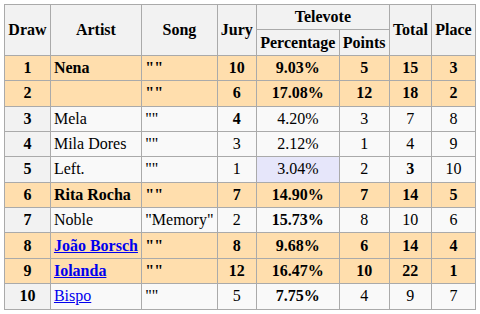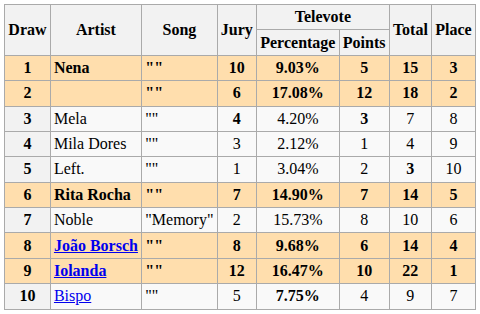 <table class="sortable wikitable plainrowheaders" style="margin: 1em auto 1em auto; text-align:center">
 <tr>
 <th rowspan="2">Draw</th>
 <th rowspan="2">Artist</th>
 <th rowspan="2">Song</th>
 <th rowspan="2">Jury</th>
 <th colspan="2">Televote</th>
 <th rowspan="2">Total</th>
 <th rowspan="2">Place</th>
 </tr>
 <tr>
 <th>Percentage</th>
 <th>Points</th>
 </tr>
 <tr style="font-weight:bold; background:navajowhite">
 <th scope="row" style="text-align:center; font-weight:bold; background:navajowhite">1</th>
 <td align="left">Nena</td>
 <td align="left">""</td>
 <td>10</td>
 <td>9.03%</td>
 <td>5</td>
 <td>15</td>
 <td>3</td>
 </tr>
 <tr style="font-weight:bold; background:navajowhite">
 <th scope="row" style="text-align:center; font-weight:bold; background:navajowhite">2</th>
 <td align="left"></td>
 <td align="left">""</td>
 <td>6</td>
 <td>17.08%</td>
 <td>12</td>
 <td>18</td>
 <td>2</td>
 </tr>
 <tr>
 <th scope="row" style="text-align:center">3</th>
 <td align="left">Mela</td>
 <td align="left">""</td>
 <td><strong>4</strong></td>
 <td>4.20%</td>
-<td>3</td>
+<td><strong>3</strong></td>
 <td>7</td>
 <td>8</td>
 </tr>
 <tr>
 <th scope="row" style="text-align:center">4</th>
 <td align="left">Mila Dores</td>
 <td align="left">""</td>
 <td>3</td>
 <td>2.12%</td>
 <td>1</td>
 <td>4</td>
 <td>9</td>
 </tr>
 <tr>
 <th scope="row" style="text-align:center">5</th>
 <td align="left">Left.</td>
 <td align="left">""</td>
 <td>1</td>
-<td style="background: lavender;">3.04%</td>
+<td>3.04%</td>
 <td>2</td>
 <td><strong>3</strong></td>
 <td>10</td>
 </tr>
 <tr style="font-weight:bold; background:navajowhite">
 <th scope="row" style="text-align:center; font-weight:bold; background:navajowhite">6</th>
 <td align="left">Rita Rocha</td>
 <td align="left">""</td>
 <td>7</td>
 <td>14.90%</td>
 <td>7</td>
 <td>14</td>
 <td>5</td>
 </tr>
 <tr>
 <th scope="row" style="text-align:center">7</th>
 <td align="left">Noble</td>
 <td align="left">"Memory"</td>
 <td>2</td>
-<td><strong>15.73%</strong></td>
+<td>15.73%</td>
 <td>8</td>
 <td>10</td>
 <td>6</td>
 </tr>
 <tr style="font-weight:bold; background:navajowhite">
 <th scope="row" style="text-align:center; font-weight:bold; background:navajowhite">8</th>
 <td align="left"><a href='#'>João Borsch</a></td>
 <td align="left">""</td>
 <td>8</td>
 <td>9.68%</td>
 <td>6</td>
 <td>14</td>
 <td>4</td>
 </tr>
 <tr style="font-weight:bold; background:navajowhite">
 <th scope="row" style="text-align:center; font-weight:bold; background:navajowhite">9</th>
 <td align="left"><a href='#'>Iolanda</a></td>
 <td align="left">""</td>
 <td>12</td>
 <td>16.47%</td>
 <td>10</td>
 <td>22</td>
 <td>1</td>
 </tr>
 <tr>
 <th scope="row" style="text-align:center">10</th>
 <td align="left"><a href='#'>Bispo</a></td>
 <td align="left">""</td>
 <td>5</td>
 <td><strong>7.75%</strong></td>
 <td>4</td>
 <td>9</td>
 <td>7</td>
 </tr>
 </table>
